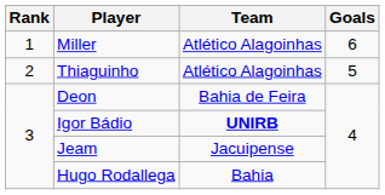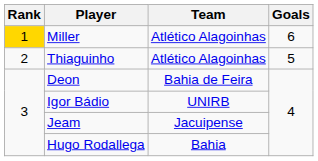 <table class="wikitable" style="text-align:center">
 <tr>
 <th>Rank</th>
 <th>Player</th>
 <th>Team</th>
 <th>Goals</th>
 </tr>
 <tr>
-<td>1</td>
+<td style="background: gold;">1</td>
 <td align=left> <a href='#'>Miller</a></td>
 <td><a href='#'>Atlético Alagoinhas</a></td>
 <td>6</td>
 </tr>
 <tr>
 <td>2</td>
 <td align=left> <a href='#'>Thiaguinho</a></td>
 <td><a href='#'>Atlético Alagoinhas</a></td>
 <td>5</td>
 </tr>
 <tr>
 <td rowspan=4>3</td>
 <td align=left> <a href='#'>Deon</a></td>
 <td><a href='#'>Bahia de Feira</a></td>
 <td rowspan=4>4</td>
 </tr>
 <tr>
 <td align=left> <a href='#'>Igor Bádio</a></td>
-<td><strong><a href='#'>UNIRB</a></strong></td>
+<td><a href='#'>UNIRB</a></td>
 </tr>
 <tr>
 <td align=left> <a href='#'>Jeam</a></td>
 <td><a href='#'>Jacuipense</a></td>
 </tr>
 <tr>
 <td align=left> <a href='#'>Hugo Rodallega</a></td>
 <td><a href='#'>Bahia</a></td>
 </tr>
 </table>
